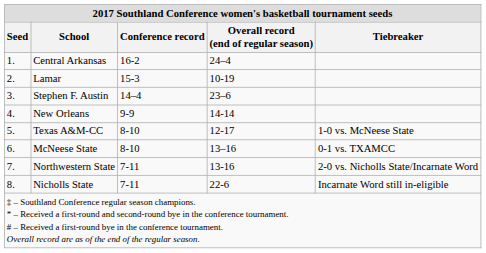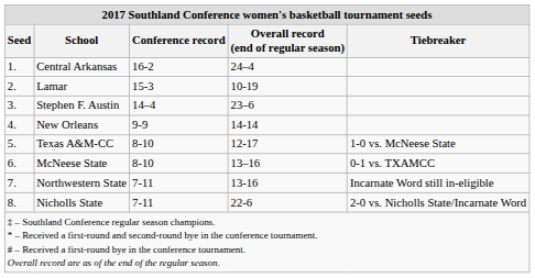 <table class="wikitable" style="white-space:nowrap; font-size:90%;">
 <tr>
 <td colspan="7" style="text-align:center; background:#DDDDDD; font:#000000"><strong>2017 Southland Conference women's basketball tournament seeds</strong></td>
 </tr>
 <tr bgcolor="#efefef">
 <th>Seed</th>
 <th>School</th>
 <th>Conference record</th>
 <th>Overall record <br>(end of regular season)</th>
 <th>Tiebreaker</th>
 </tr>
 <tr>
 <td>1.</td>
 <td>Central Arkansas</td>
 <td>16-2</td>
 <td>24–4</td>
 <td></td>
 </tr>
 <tr>
 <td>2.</td>
 <td>Lamar</td>
 <td>15-3</td>
 <td>10-19</td>
 <td></td>
 </tr>
 <tr>
 <td>3.</td>
 <td>Stephen F. Austin</td>
 <td>14–4</td>
 <td>23–6</td>
 <td></td>
 </tr>
 <tr>
 <td>4.</td>
 <td>New Orleans</td>
 <td>9-9</td>
 <td>14-14</td>
 <td></td>
 </tr>
 <tr>
 <td>5.</td>
 <td>Texas A&M-CC</td>
 <td>8-10</td>
 <td>12-17</td>
 <td>1-0 vs. McNeese State</td>
 </tr>
 <tr>
 <td>6.</td>
 <td>McNeese State</td>
 <td>8-10</td>
 <td>13–16</td>
 <td>0-1 vs. TXAMCC</td>
 </tr>
 <tr>
 <td>7.</td>
 <td>Northwestern State</td>
 <td>7-11</td>
 <td>13-16</td>
-<td>2-0 vs. Nicholls State/Incarnate Word</td>
+<td>Incarnate Word still in-eligible</td>
 </tr>
 <tr>
 <td>8.</td>
 <td>Nicholls State</td>
 <td>7-11</td>
 <td>22-6</td>
-<td>Incarnate Word still in-eligible</td>
+<td>2-0 vs. Nicholls State/Incarnate Word</td>
 </tr>
 <tr>
 <td colspan=6 align=left><small>‡ – Southland Conference regular season champions.<br>* – Received a first-round and second-round bye in the conference tournament.<br># – Received a first-round bye in the conference tournament. <br><em>Overall record are as of the end of the regular season</em>.</small></td>
 </tr>
 </table>
